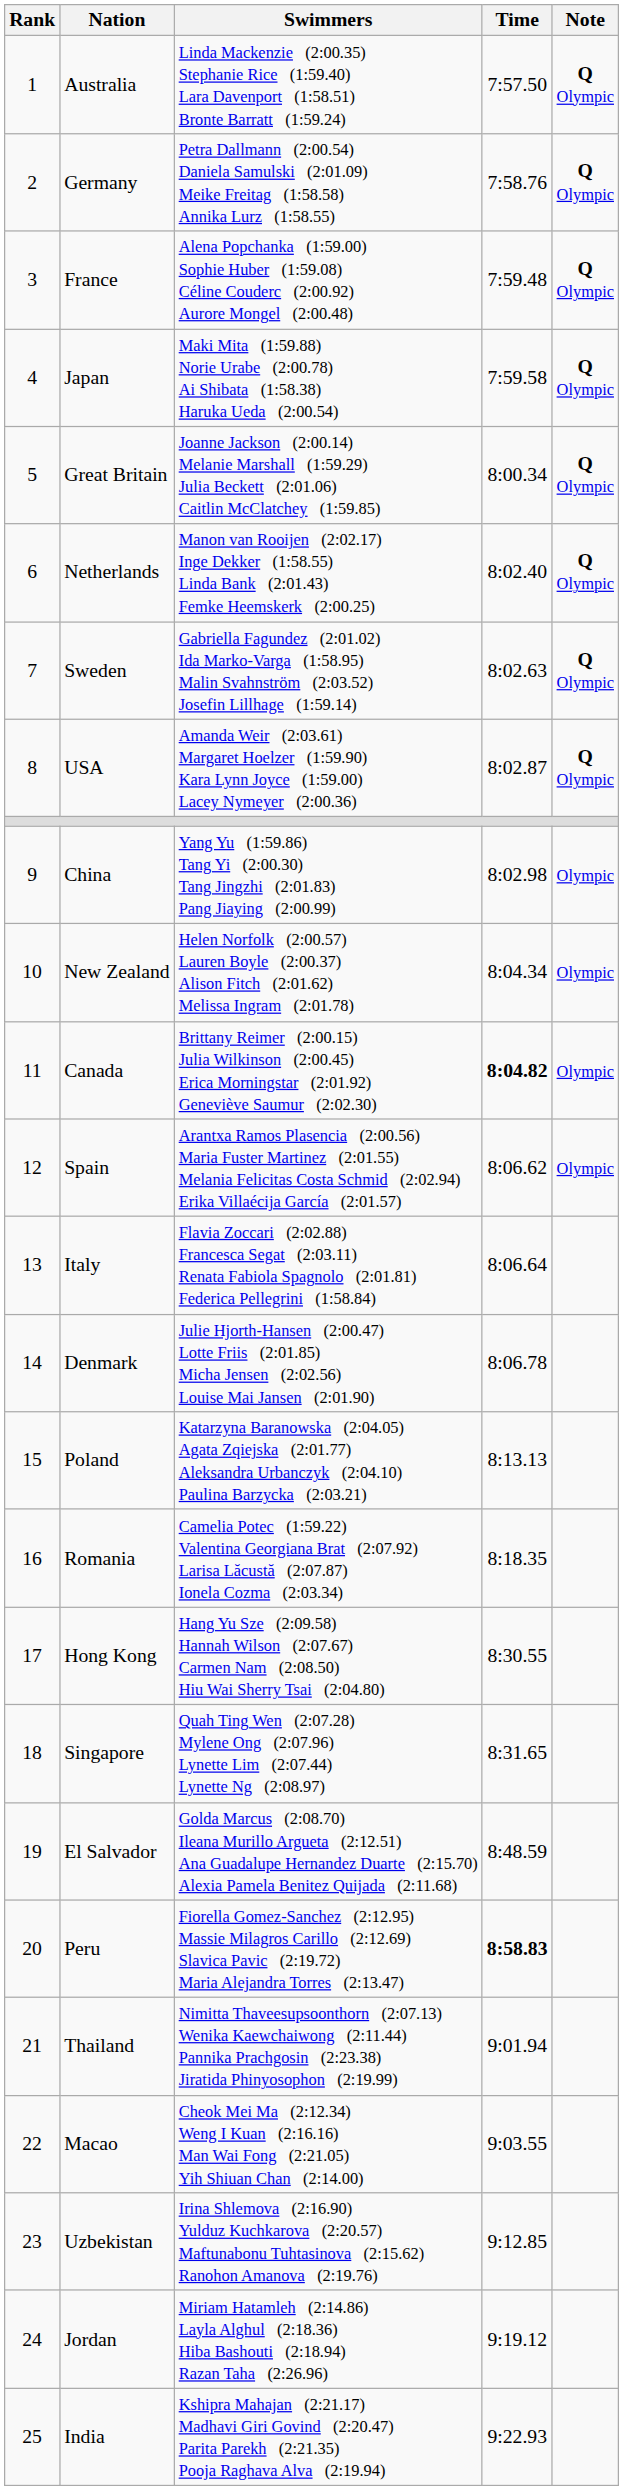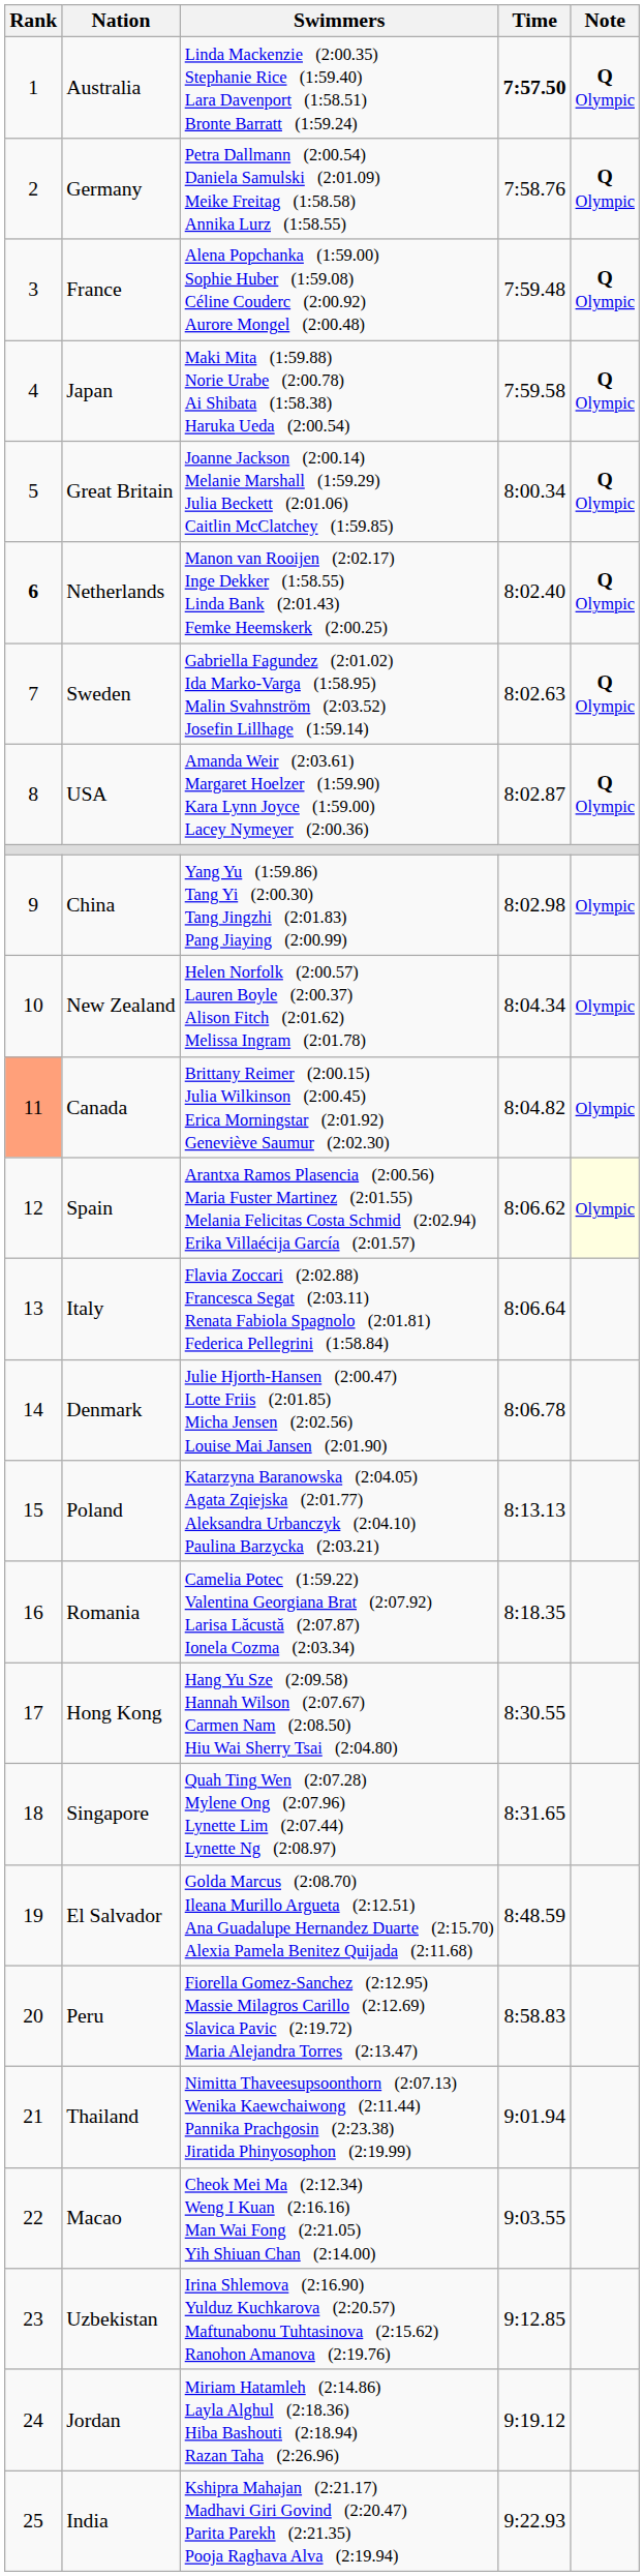 <table class="wikitable" style="text-align:center">
 <tr>
 <th>Rank</th>
 <th>Nation</th>
 <th>Swimmers</th>
 <th>Time</th>
 <th>Note</th>
 </tr>
 <tr>
 <td>1</td>
 <td align=left> Australia</td>
 <td align=left><small> <a href='#'>Linda Mackenzie</a>   (2:00.35)<br> <a href='#'>Stephanie Rice</a>   (1:59.40)<br> <a href='#'>Lara Davenport</a>   (1:58.51)<br> <a href='#'>Bronte Barratt</a>   (1:59.24) </small></td>
-<td>7:57.50</td>
+<td><strong>7:57.50</strong></td>
 <td><strong>Q</strong> <br><small><a href='#'>Olympic</a></small></td>
 </tr>
 <tr>
 <td>2</td>
 <td align=left> Germany</td>
 <td align=left><small> <a href='#'>Petra Dallmann</a>   (2:00.54)<br> <a href='#'>Daniela Samulski</a>   (2:01.09)<br> <a href='#'>Meike Freitag</a>   (1:58.58)<br> <a href='#'>Annika Lurz</a>   (1:58.55) </small></td>
 <td>7:58.76</td>
 <td><strong>Q</strong> <br><small><a href='#'>Olympic</a></small></td>
 </tr>
 <tr>
 <td>3</td>
 <td align=left> France</td>
 <td align=left><small> <a href='#'>Alena Popchanka</a>   (1:59.00)<br> <a href='#'>Sophie Huber</a>   (1:59.08)<br> <a href='#'>Céline Couderc</a>   (2:00.92)<br> <a href='#'>Aurore Mongel</a>   (2:00.48) </small></td>
 <td>7:59.48</td>
 <td><strong>Q</strong> <br><small><a href='#'>Olympic</a></small></td>
 </tr>
 <tr>
 <td>4</td>
 <td align=left> Japan</td>
 <td align=left><small> <a href='#'>Maki Mita</a>   (1:59.88)<br> <a href='#'>Norie Urabe</a>   (2:00.78)<br> <a href='#'>Ai Shibata</a>   (1:58.38)<br> <a href='#'>Haruka Ueda</a>   (2:00.54) </small></td>
 <td>7:59.58</td>
 <td><strong>Q</strong> <br><small><a href='#'>Olympic</a></small></td>
 </tr>
 <tr>
 <td>5</td>
 <td align=left> Great Britain</td>
 <td align=left><small> <a href='#'>Joanne Jackson</a>   (2:00.14)<br> <a href='#'>Melanie Marshall</a>   (1:59.29)<br> <a href='#'>Julia Beckett</a>   (2:01.06)<br> <a href='#'>Caitlin McClatchey</a>   (1:59.85) </small></td>
 <td>8:00.34</td>
 <td><strong>Q</strong> <br><small><a href='#'>Olympic</a></small></td>
 </tr>
 <tr>
-<td>6</td>
+<td><strong>6</strong></td>
 <td align=left> Netherlands</td>
 <td align=left><small> <a href='#'>Manon van Rooijen</a>   (2:02.17)<br> <a href='#'>Inge Dekker</a>   (1:58.55)<br> <a href='#'>Linda Bank</a>   (2:01.43)<br> <a href='#'>Femke Heemskerk</a>   (2:00.25) </small></td>
 <td>8:02.40</td>
 <td><strong>Q</strong> <br><small><a href='#'>Olympic</a></small></td>
 </tr>
 <tr>
 <td>7</td>
 <td align=left> Sweden</td>
 <td align=left><small> <a href='#'>Gabriella Fagundez</a>   (2:01.02)<br> <a href='#'>Ida Marko-Varga</a>   (1:58.95)<br> <a href='#'>Malin Svahnström</a>   (2:03.52)<br> <a href='#'>Josefin Lillhage</a>   (1:59.14) </small></td>
 <td>8:02.63</td>
 <td><strong>Q</strong> <br><small><a href='#'>Olympic</a></small></td>
 </tr>
 <tr>
 <td>8</td>
 <td align=left> USA</td>
 <td align=left><small> <a href='#'>Amanda Weir</a>   (2:03.61)<br> <a href='#'>Margaret Hoelzer</a>   (1:59.90)<br> <a href='#'>Kara Lynn Joyce</a>   (1:59.00)<br> <a href='#'>Lacey Nymeyer</a>   (2:00.36) </small></td>
 <td>8:02.87</td>
 <td><strong>Q</strong> <br><small><a href='#'>Olympic</a></small></td>
 </tr>
 <tr bgcolor=#DDDDDD>
 <td colspan=5></td>
 </tr>
 <tr>
 <td>9</td>
 <td align=left> China</td>
 <td align=left><small> <a href='#'>Yang Yu</a>   (1:59.86)<br> <a href='#'>Tang Yi</a>   (2:00.30)<br> <a href='#'>Tang Jingzhi</a>   (2:01.83)<br> <a href='#'>Pang Jiaying</a>   (2:00.99) </small></td>
 <td>8:02.98</td>
 <td><small><a href='#'>Olympic</a></small></td>
 </tr>
 <tr>
 <td>10</td>
 <td align=left> New Zealand</td>
 <td align=left><small> <a href='#'>Helen Norfolk</a>   (2:00.57)<br> <a href='#'>Lauren Boyle</a>   (2:00.37)<br> <a href='#'>Alison Fitch</a>   (2:01.62)<br> <a href='#'>Melissa Ingram</a>   (2:01.78) </small></td>
 <td>8:04.34</td>
 <td><small><a href='#'>Olympic</a></small></td>
 </tr>
 <tr>
-<td>11</td>
+<td style="background: lightsalmon;">11</td>
 <td align=left> Canada</td>
 <td align=left><small> <a href='#'>Brittany Reimer</a>   (2:00.15)<br> <a href='#'>Julia Wilkinson</a>   (2:00.45)<br> <a href='#'>Erica Morningstar</a>   (2:01.92)<br> <a href='#'>Geneviève Saumur</a>   (2:02.30) </small></td>
-<td><strong>8:04.82</strong></td>
+<td>8:04.82</td>
 <td><small><a href='#'>Olympic</a></small></td>
 </tr>
 <tr>
 <td>12</td>
 <td align=left> Spain</td>
 <td align=left><small> <a href='#'>Arantxa Ramos Plasencia</a>   (2:00.56)<br> <a href='#'>Maria Fuster Martinez</a>   (2:01.55)<br> <a href='#'>Melania Felicitas Costa Schmid</a>   (2:02.94)<br> <a href='#'>Erika Villaécija García</a>   (2:01.57) </small></td>
 <td>8:06.62</td>
-<td><small><a href='#'>Olympic</a></small></td>
+<td style="background: lightyellow;"><small><a href='#'>Olympic</a></small></td>
 </tr>
 <tr>
 <td>13</td>
 <td align=left> Italy</td>
 <td align=left><small> <a href='#'>Flavia Zoccari</a>   (2:02.88)<br> <a href='#'>Francesca Segat</a>   (2:03.11)<br> <a href='#'>Renata Fabiola Spagnolo</a>   (2:01.81)<br> <a href='#'>Federica Pellegrini</a>   (1:58.84) </small></td>
 <td>8:06.64</td>
 <td></td>
 </tr>
 <tr>
 <td>14</td>
 <td align=left> Denmark</td>
 <td align=left><small> <a href='#'>Julie Hjorth-Hansen</a>   (2:00.47)<br> <a href='#'>Lotte Friis</a>   (2:01.85)<br> <a href='#'>Micha Jensen</a>   (2:02.56)<br> <a href='#'>Louise Mai Jansen</a>   (2:01.90) </small></td>
 <td>8:06.78</td>
 <td></td>
 </tr>
 <tr>
 <td>15</td>
 <td align=left> Poland</td>
 <td align=left><small> <a href='#'>Katarzyna Baranowska</a>   (2:04.05)<br> <a href='#'>Agata Zqiejska</a>   (2:01.77)<br> <a href='#'>Aleksandra Urbanczyk</a>   (2:04.10)<br> <a href='#'>Paulina Barzycka</a>   (2:03.21) </small></td>
 <td>8:13.13</td>
 <td></td>
 </tr>
 <tr>
 <td>16</td>
 <td align=left> Romania</td>
 <td align=left><small> <a href='#'>Camelia Potec</a>   (1:59.22)<br> <a href='#'>Valentina Georgiana Brat</a>   (2:07.92)<br> <a href='#'>Larisa Lăcustă</a>   (2:07.87)<br> <a href='#'>Ionela Cozma</a>   (2:03.34) </small></td>
 <td>8:18.35</td>
 <td></td>
 </tr>
 <tr>
 <td>17</td>
 <td align=left> Hong Kong</td>
 <td align=left><small> <a href='#'>Hang Yu Sze</a>   (2:09.58)<br> <a href='#'>Hannah Wilson</a>   (2:07.67)<br> <a href='#'>Carmen Nam</a>   (2:08.50)<br> <a href='#'>Hiu Wai Sherry Tsai</a>   (2:04.80) </small></td>
 <td>8:30.55</td>
 <td></td>
 </tr>
 <tr>
 <td>18</td>
 <td align=left> Singapore</td>
 <td align=left><small> <a href='#'>Quah Ting Wen</a>   (2:07.28)<br> <a href='#'>Mylene Ong</a>   (2:07.96)<br> <a href='#'>Lynette Lim</a>   (2:07.44)<br> <a href='#'>Lynette Ng</a>   (2:08.97) </small></td>
 <td>8:31.65</td>
 <td></td>
 </tr>
 <tr>
 <td>19</td>
 <td align=left> El Salvador</td>
 <td align=left><small> <a href='#'>Golda Marcus</a>   (2:08.70)<br> <a href='#'>Ileana Murillo Argueta</a>   (2:12.51)<br> <a href='#'>Ana Guadalupe Hernandez Duarte</a>   (2:15.70)<br> <a href='#'>Alexia Pamela Benitez Quijada</a>   (2:11.68) </small></td>
 <td>8:48.59</td>
 <td></td>
 </tr>
 <tr>
 <td>20</td>
 <td align=left> Peru</td>
 <td align=left><small> <a href='#'>Fiorella Gomez-Sanchez</a>   (2:12.95)<br> <a href='#'>Massie Milagros Carillo</a>   (2:12.69)<br> <a href='#'>Slavica Pavic</a>   (2:19.72)<br> <a href='#'>Maria Alejandra Torres</a>   (2:13.47) </small></td>
-<td><strong>8:58.83</strong></td>
+<td>8:58.83</td>
 <td></td>
 </tr>
 <tr>
 <td>21</td>
 <td align=left> Thailand</td>
 <td align=left><small> <a href='#'>Nimitta Thaveesupsoonthorn</a>   (2:07.13)<br> <a href='#'>Wenika Kaewchaiwong</a>   (2:11.44)<br> <a href='#'>Pannika Prachgosin</a>   (2:23.38)<br> <a href='#'>Jiratida Phinyosophon</a>   (2:19.99) </small></td>
 <td>9:01.94</td>
 <td></td>
 </tr>
 <tr>
 <td>22</td>
 <td align=left> Macao</td>
 <td align=left><small> <a href='#'>Cheok Mei Ma</a>   (2:12.34)<br> <a href='#'>Weng I Kuan</a>   (2:16.16)<br> <a href='#'>Man Wai Fong</a>   (2:21.05)<br> <a href='#'>Yih Shiuan Chan</a>   (2:14.00) </small></td>
 <td>9:03.55</td>
 <td></td>
 </tr>
 <tr>
 <td>23</td>
 <td align=left> Uzbekistan</td>
 <td align=left><small> <a href='#'>Irina Shlemova</a>   (2:16.90)<br> <a href='#'>Yulduz Kuchkarova</a>   (2:20.57)<br> <a href='#'>Maftunabonu Tuhtasinova</a>   (2:15.62)<br> <a href='#'>Ranohon Amanova</a>   (2:19.76) </small></td>
 <td>9:12.85</td>
 <td></td>
 </tr>
 <tr>
 <td>24</td>
 <td align=left> Jordan</td>
 <td align=left><small> <a href='#'>Miriam Hatamleh</a>   (2:14.86)<br> <a href='#'>Layla Alghul</a>   (2:18.36)<br> <a href='#'>Hiba Bashouti</a>   (2:18.94)<br> <a href='#'>Razan Taha</a>   (2:26.96) </small></td>
 <td>9:19.12</td>
 <td></td>
 </tr>
 <tr>
 <td>25</td>
 <td align=left> India</td>
 <td align=left><small> <a href='#'>Kshipra Mahajan</a>   (2:21.17)<br> <a href='#'>Madhavi Giri Govind</a>   (2:20.47)<br> <a href='#'>Parita Parekh</a>   (2:21.35)<br> <a href='#'>Pooja Raghava Alva</a>   (2:19.94) </small></td>
 <td>9:22.93</td>
 <td></td>
 </tr>
 <tr>
 </tr>
 </table>
